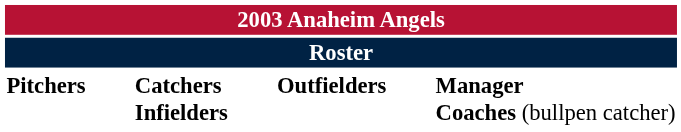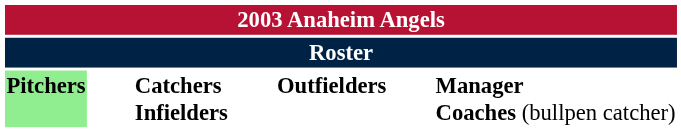 <table class="toccolours" style="font-size: 95%;">
 <tr>
 <th colspan="10" style="background-color: #B71234; color: white; text-align: center;">2003 Anaheim Angels</th>
 </tr>
 <tr>
 <td colspan="10" style="background-color:#002244; color: white; text-align: center;"><strong>Roster</strong></td>
 </tr>
 <tr>
-<td valign="top"><strong>Pitchers</strong><br>                  </td>
+<td valign="top" style="background: lightgreen;"><strong>Pitchers</strong><br>                  </td>
 <td width="25px"></td>
 <td valign="top"><strong>Catchers</strong><br>   <strong>Infielders</strong>            </td>
 <td width="25px"></td>
 <td valign="top"><strong>Outfielders</strong><br>        </td>
 <td width="25px"></td>
 <td valign="top"><strong>Manager</strong><br> <strong>Coaches</strong>      (bullpen catcher)  </td>
 </tr>
 </table>
